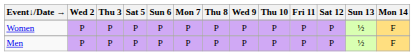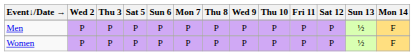 <table class="wikitable" style="margin:0.5em auto; font-size:90%; line-height:1.25em;">
 <tr style="text-align:center;">
 <th>Event↓/Date →</th>
 <th>Wed 2</th>
 <th>Thu 3</th>
 <th>Sat 5</th>
 <th>Sun 6</th>
 <th>Mon 7</th>
 <th>Thu 8</th>
 <th>Wed 9</th>
 <th>Thu 10</th>
 <th>Fri 11</th>
 <th>Sat 12</th>
 <th>Sun 13</th>
 <th>Mon 14</th>
 </tr>
 <tr>
 </tr>
 <tr style="text-align:center;">
-<td style="text-align:left;"><a href='#'>Women</a></td>
+<td style="text-align:left;"><a href='#'>Men</a></td>
 <td style="background-color:#D0A9F5;">P</td>
 <td style="background-color:#D0A9F5;">P</td>
 <td style="background-color:#D0A9F5;">P</td>
 <td style="background-color:#D0A9F5;">P</td>
 <td style="background-color:#D0A9F5;">P</td>
 <td style="background-color:#D0A9F5;">P</td>
 <td style="background-color:#D0A9F5;">P</td>
 <td style="background-color:#D0A9F5;">P</td>
 <td style="background-color:#D0A9F5;">P</td>
 <td style="background-color:#D0A9F5;">P</td>
 <td style="background-color:#D9FFB2;">½</td>
 <td style="background-color:#FFDF80;">F</td>
 </tr>
 <tr>
 </tr>
 <tr style="text-align:center;">
-<td style="text-align:left;"><a href='#'>Men</a></td>
+<td style="text-align:left;"><a href='#'>Women</a></td>
 <td style="background-color:#D0A9F5;">P</td>
 <td style="background-color:#D0A9F5;">P</td>
 <td style="background-color:#D0A9F5;">P</td>
 <td style="background-color:#D0A9F5;">P</td>
 <td style="background-color:#D0A9F5;">P</td>
 <td style="background-color:#D0A9F5;">P</td>
 <td style="background-color:#D0A9F5;">P</td>
 <td style="background-color:#D0A9F5;">P</td>
 <td style="background-color:#D0A9F5;">P</td>
 <td style="background-color:#D0A9F5;">P</td>
 <td style="background-color:#D9FFB2;">½</td>
 <td style="background-color:#FFDF80;">F</td>
 </tr>
 </table>
